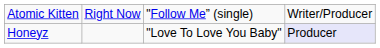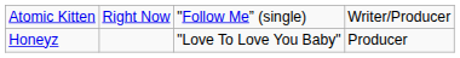 <table class="wikitable">
 <tr>
 <td><a href='#'>Atomic Kitten</a></td>
 <td><a href='#'>Right Now</a></td>
 <td>"<a href='#'>Follow Me</a>” (single)</td>
 <td>Writer/Producer</td>
 </tr>
 <tr>
 <td><a href='#'>Honeyz</a></td>
 <td></td>
 <td>"Love To Love You Baby"</td>
-<td style="background: lavender;">Producer</td>
+<td>Producer</td>
 </tr>
 </table>
